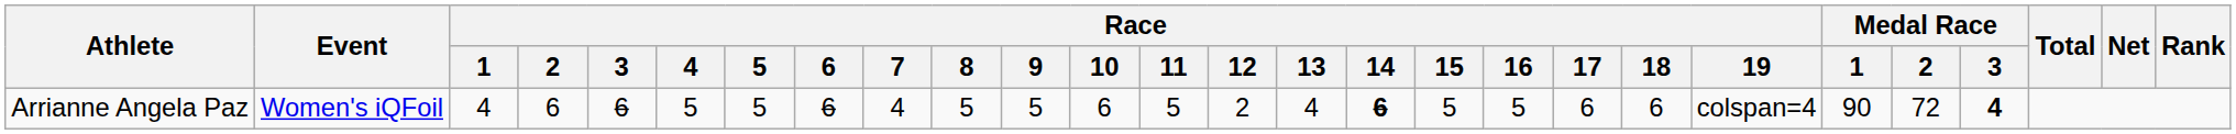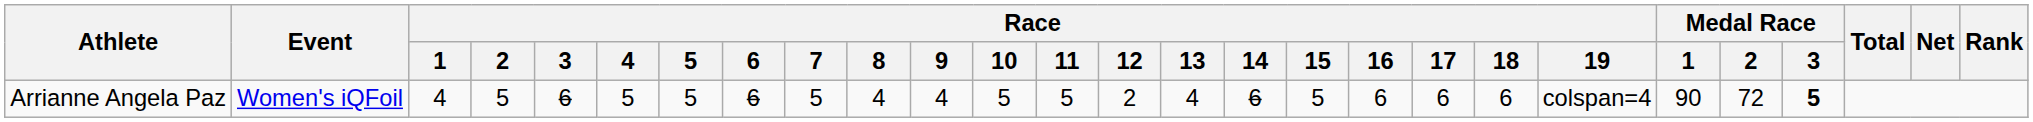 <table class=wikitable style="text-align:center">
 <tr>
 <th rowspan=2>Athlete</th>
 <th rowspan=2>Event</th>
 <th colspan=19>Race</th>
 <th colspan=3>Medal Race</th>
 <th rowspan=2>Total</th>
 <th rowspan=2>Net</th>
 <th rowspan=2>Rank</th>
 </tr>
 <tr>
 <th width=35>1</th>
 <th width=35>2</th>
 <th width=35>3</th>
 <th width=35>4</th>
 <th width=35>5</th>
 <th width=35>6</th>
 <th width=35>7</th>
 <th width=35>8</th>
 <th width=35>9</th>
 <th width=35>10</th>
 <th width=35>11</th>
 <th width=35>12</th>
 <th width=35>13</th>
 <th width=35>14</th>
 <th width=35>15</th>
 <th width=35>16</th>
 <th width=35>17</th>
 <th width=35>18</th>
 <th width=35>19</th>
 <th width=35>1</th>
 <th width=35>2</th>
 <th width=35>3</th>
 </tr>
 <tr>
 <td align=left>Arrianne Angela Paz</td>
 <td align=center><a href='#'>Women's iQFoil</a></td>
 <td>4</td>
-<td>6</td>
+<td>5</td>
 <td><s>6</s><br></td>
 <td>5</td>
 <td>5</td>
 <td><s>6</s><br></td>
+<td>5</td>
+<td>4</td>
 <td>4</td>
 <td>5</td>
 <td>5</td>
-<td>6</td>
-<td>5</td>
 <td>2</td>
 <td>4</td>
-<td><strong><s>6</s><br></strong></td>
+<td><s>6</s><br></td>
 <td>5</td>
-<td>5</td>
+<td>6</td>
 <td>6</td>
 <td>6</td>
 <td>colspan=4 </td>
 <td>90</td>
 <td>72</td>
-<td><strong>4</strong></td>
+<td><strong>5</strong></td>
 </tr>
 </table>
